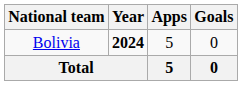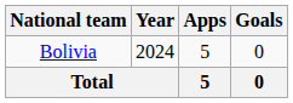 <table class=wikitable style=text-align:center>
 <tr>
 <th>National team</th>
 <th>Year</th>
 <th>Apps</th>
 <th>Goals</th>
 </tr>
 <tr>
 <td><a href='#'>Bolivia</a></td>
-<td><strong>2024</strong></td>
+<td>2024</td>
 <td>5</td>
 <td>0</td>
 </tr>
 <tr>
 <th colspan="2">Total</th>
 <th>5</th>
 <th>0</th>
 </tr>
 </table>
